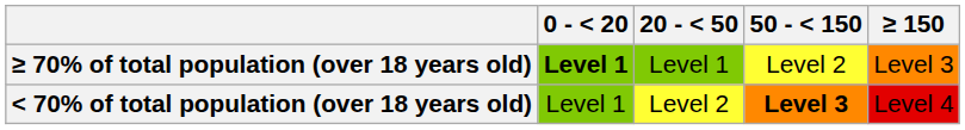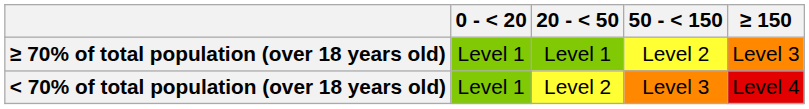 <table class="wikitable" style="margin:0 auto;text-align:center;">
 <tr>
 <th></th>
 <th>0 - < 20</th>
 <th>20 - < 50</th>
 <th>50 - < 150</th>
 <th>≥ 150</th>
 </tr>
 <tr>
 <th>≥ 70% of total population (over 18 years old)</th>
-<td style="background:#80C904;"><strong>Level 1</strong></td>
+<td style="background:#80C904;">Level 1</td>
 <td style="background:#80C904;">Level 1</td>
 <td style="background:#FFFF33;">Level 2</td>
 <td style="background:#FF8800;">Level 3</td>
 </tr>
 <tr>
 <th>< 70% of total population (over 18 years old)</th>
 <td style="background:#80C904;">Level 1</td>
 <td style="background:#FFFF33;">Level 2</td>
-<td style="background:#FF8800;"><strong>Level 3</strong></td>
+<td style="background:#FF8800;">Level 3</td>
 <td style="background:#E20000;">Level 4</td>
 </tr>
 </table>
